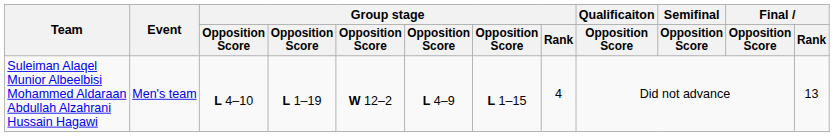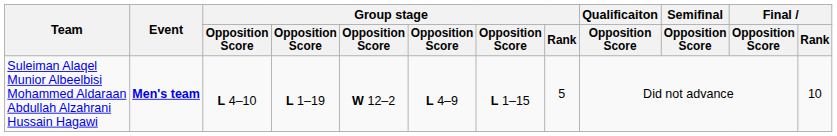 <table class=wikitable style=font-size:90%;text-align:center>
 <tr>
 <th rowspan=2>Team</th>
 <th rowspan=2>Event</th>
 <th colspan=6>Group stage</th>
 <th>Qualificaiton</th>
 <th>Semifinal</th>
 <th colspan=2>Final / </th>
 </tr>
 <tr style=font-size:95%>
 <th>Opposition<br>Score</th>
 <th>Opposition<br>Score</th>
 <th>Opposition<br>Score</th>
 <th>Opposition<br>Score</th>
 <th>Opposition<br>Score</th>
 <th>Rank</th>
 <th>Opposition<br>Score</th>
 <th>Opposition<br>Score</th>
 <th>Opposition<br>Score</th>
 <th>Rank</th>
 </tr>
 <tr>
 <td align=left><a href='#'>Suleiman Alaqel</a><br><a href='#'>Munior Albeelbisi</a><br><a href='#'>Mohammed Aldaraan</a><br><a href='#'>Abdullah Alzahrani</a><br><a href='#'>Hussain Hagawi</a></td>
-<td align=left><a href='#'>Men's team</a></td>
+<td align=left><strong><a href='#'>Men's team</a></strong></td>
 <td><br><strong>L</strong> 4–10</td>
 <td><br><strong>L</strong> 1–19</td>
 <td><br><strong>W</strong> 12–2</td>
 <td><br><strong>L</strong> 4–9</td>
 <td><br><strong>L</strong> 1–15</td>
-<td>4</td>
+<td>5</td>
 <td colspan=3>Did not advance</td>
-<td>13</td>
+<td>10</td>
 </tr>
 </table>
